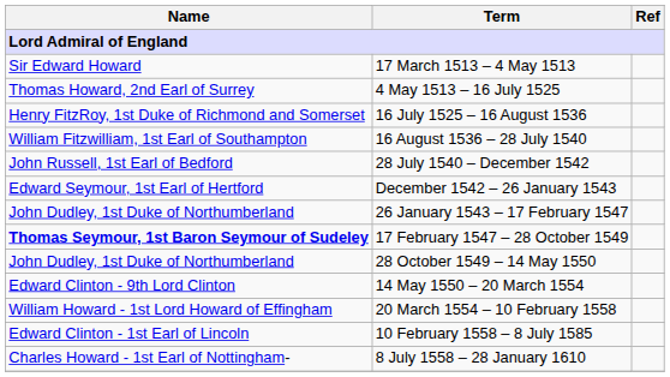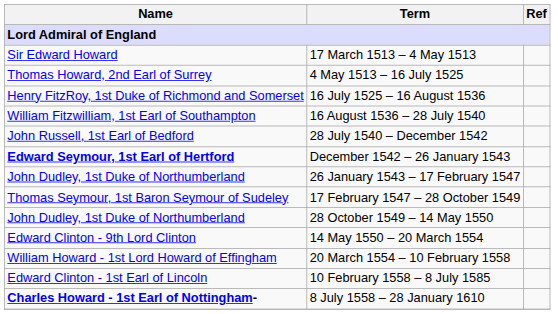 <table class="wikitable">
 <tr>
 <th>Name</th>
 <th>Term</th>
 <th>Ref</th>
 </tr>
 <tr>
 <td colspan="6" align="left" style="background:#dcdcfe;"><strong>Lord Admiral of England</strong></td>
 </tr>
 <tr>
 <td><a href='#'>Sir Edward Howard</a></td>
 <td>17 March 1513 – 4 May 1513</td>
 <td></td>
 </tr>
 <tr>
 <td><a href='#'>Thomas Howard, 2nd Earl of Surrey</a></td>
 <td>4 May 1513 – 16 July 1525</td>
 <td></td>
 </tr>
 <tr>
 <td><a href='#'>Henry FitzRoy, 1st Duke of Richmond and Somerset</a></td>
 <td>16 July 1525 – 16 August 1536</td>
 <td></td>
 </tr>
 <tr>
 <td><a href='#'>William Fitzwilliam, 1st Earl of Southampton</a></td>
 <td>16 August 1536 – 28 July 1540</td>
 <td></td>
 </tr>
 <tr>
 <td><a href='#'>John Russell, 1st Earl of Bedford</a></td>
 <td>28 July 1540 – December 1542</td>
 <td></td>
 </tr>
 <tr>
-<td><a href='#'>Edward Seymour, 1st Earl of Hertford</a></td>
+<td><strong><a href='#'>Edward Seymour, 1st Earl of Hertford</a></strong></td>
 <td>December 1542 – 26 January 1543</td>
 <td></td>
 </tr>
 <tr>
 <td><a href='#'>John Dudley, 1st Duke of Northumberland</a></td>
 <td>26 January 1543 – 17 February 1547</td>
 <td></td>
 </tr>
 <tr>
-<td><strong><a href='#'>Thomas Seymour, 1st Baron Seymour of Sudeley</a></strong></td>
+<td><a href='#'>Thomas Seymour, 1st Baron Seymour of Sudeley</a></td>
 <td>17 February 1547 – 28 October 1549</td>
 <td></td>
 </tr>
 <tr>
 <td><a href='#'>John Dudley, 1st Duke of Northumberland</a></td>
 <td>28 October 1549 – 14 May 1550</td>
 <td></td>
 </tr>
 <tr>
 <td><a href='#'>Edward Clinton - 9th Lord Clinton</a></td>
 <td>14 May 1550 – 20 March 1554</td>
 <td></td>
 </tr>
 <tr>
 <td><a href='#'>William Howard - 1st Lord Howard of Effingham</a></td>
 <td>20 March 1554 – 10 February 1558</td>
 <td></td>
 </tr>
 <tr>
 <td><a href='#'>Edward Clinton - 1st Earl of Lincoln</a></td>
 <td>10 February 1558 – 8 July 1585</td>
 <td></td>
 </tr>
 <tr>
-<td><a href='#'>Charles Howard - 1st Earl of Nottingham</a>-</td>
+<td><strong><a href='#'>Charles Howard - 1st Earl of Nottingham</a>-</strong></td>
 <td>8 July 1558 – 28 January 1610</td>
 <td></td>
 </tr>
 <tr>
 </tr>
 </table>
